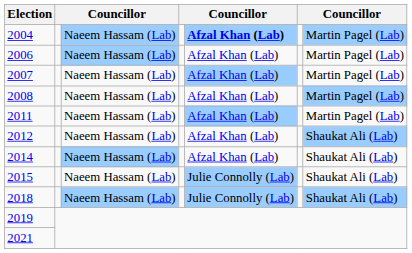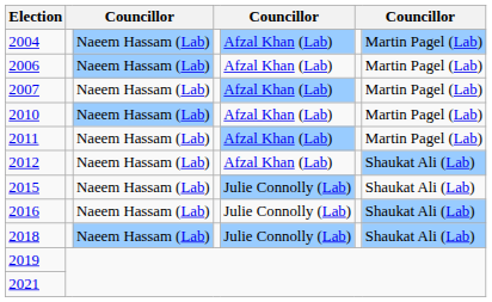 <table class="wikitable">
 <tr>
 <th>Election</th>
 <th colspan="2">Councillor</th>
 <th colspan="2">Councillor</th>
 <th colspan="2">Councillor</th>
 </tr>
 <tr>
 <td><a href='#'>2004</a></td>
 <td style="background-color: "></td>
 <td bgcolor="#99CCFF">Naeem Hassam (<a href='#'>Lab</a>)</td>
 <td style="background-color: "></td>
-<td bgcolor="#99CCFF"><strong><a href='#'>Afzal Khan</a> (<a href='#'>Lab</a>)</strong></td>
+<td bgcolor="#99CCFF"><a href='#'>Afzal Khan</a> (<a href='#'>Lab</a>)</td>
 <td style="background-color: "></td>
 <td bgcolor="#99CCFF">Martin Pagel (<a href='#'>Lab</a>)</td>
 </tr>
 <tr>
 <td><a href='#'>2006</a></td>
 <td style="background-color: "></td>
 <td bgcolor="#99CCFF">Naeem Hassam (<a href='#'>Lab</a>)</td>
 <td style="background-color: "></td>
 <td><a href='#'>Afzal Khan</a> (<a href='#'>Lab</a>)</td>
 <td style="background-color: "></td>
 <td>Martin Pagel (<a href='#'>Lab</a>)</td>
 </tr>
 <tr>
 <td><a href='#'>2007</a></td>
 <td style="background-color: "></td>
 <td>Naeem Hassam (<a href='#'>Lab</a>)</td>
 <td style="background-color: "></td>
 <td bgcolor="#99CCFF"><a href='#'>Afzal Khan</a> (<a href='#'>Lab</a>)</td>
 <td style="background-color: "></td>
 <td>Martin Pagel (<a href='#'>Lab</a>)</td>
 </tr>
 <tr>
-<td><a href='#'>2008</a></td>
+<td><a href='#'>2010</a></td>
 <td style="background-color: "></td>
-<td>Naeem Hassam (<a href='#'>Lab</a>)</td>
+<td bgcolor="#99CCFF">Naeem Hassam (<a href='#'>Lab</a>)</td>
 <td style="background-color: "></td>
 <td><a href='#'>Afzal Khan</a> (<a href='#'>Lab</a>)</td>
 <td style="background-color: "></td>
-<td bgcolor="#99CCFF">Martin Pagel (<a href='#'>Lab</a>)</td>
+<td>Martin Pagel (<a href='#'>Lab</a>)</td>
 </tr>
 <tr>
 <td><a href='#'>2011</a></td>
 <td style="background-color: "></td>
 <td>Naeem Hassam (<a href='#'>Lab</a>)</td>
 <td style="background-color: "></td>
 <td bgcolor="#99CCFF"><a href='#'>Afzal Khan</a> (<a href='#'>Lab</a>)</td>
 <td style="background-color: "></td>
 <td>Martin Pagel (<a href='#'>Lab</a>)</td>
 </tr>
 <tr>
 <td><a href='#'>2012</a></td>
 <td style="background-color: "></td>
 <td>Naeem Hassam (<a href='#'>Lab</a>)</td>
 <td style="background-color: "></td>
 <td><a href='#'>Afzal Khan</a> (<a href='#'>Lab</a>)</td>
 <td style="background-color: "></td>
 <td bgcolor="#99CCFF">Shaukat Ali (<a href='#'>Lab</a>)</td>
 </tr>
 <tr>
-<td><a href='#'>2014</a></td>
-<td style="background-color: "></td>
-<td bgcolor="#99CCFF">Naeem Hassam (<a href='#'>Lab</a>)</td>
-<td style="background-color: "></td>
-<td><a href='#'>Afzal Khan</a> (<a href='#'>Lab</a>)</td>
-<td style="background-color: "></td>
-<td>Shaukat Ali (<a href='#'>Lab</a>)</td>
-</tr>
-<tr>
 <td><a href='#'>2015</a></td>
 <td style="background-color: "></td>
 <td>Naeem Hassam (<a href='#'>Lab</a>)</td>
 <td style="background-color: "></td>
 <td bgcolor="#99CCFF">Julie Connolly (<a href='#'>Lab</a>)</td>
 <td style="background-color: "></td>
 <td>Shaukat Ali (<a href='#'>Lab</a>)</td>
+</tr>
+<tr>
+<td><a href='#'>2016</a></td>
+<td style="background-color: "></td>
+<td>Naeem Hassam (<a href='#'>Lab</a>)</td>
+<td style="background-color: "></td>
+<td>Julie Connolly (<a href='#'>Lab</a>)</td>
+<td style="background-color: "></td>
+<td bgcolor="#99CCFF">Shaukat Ali (<a href='#'>Lab</a>)</td>
 </tr>
 <tr>
 <td><a href='#'>2018</a></td>
 <td style="background-color: "></td>
 <td bgcolor="#99CCFF">Naeem Hassam (<a href='#'>Lab</a>)</td>
 <td style="background-color: "></td>
 <td bgcolor="#99CCFF">Julie Connolly (<a href='#'>Lab</a>)</td>
 <td style="background-color: "></td>
 <td bgcolor="#99CCFF">Shaukat Ali (<a href='#'>Lab</a>)</td>
 </tr>
 <tr>
 <td><a href='#'>2019</a><br>  </td>
 </tr>
 <tr>
 <td><a href='#'>2021</a><br>  </td>
 </tr>
 </table>
